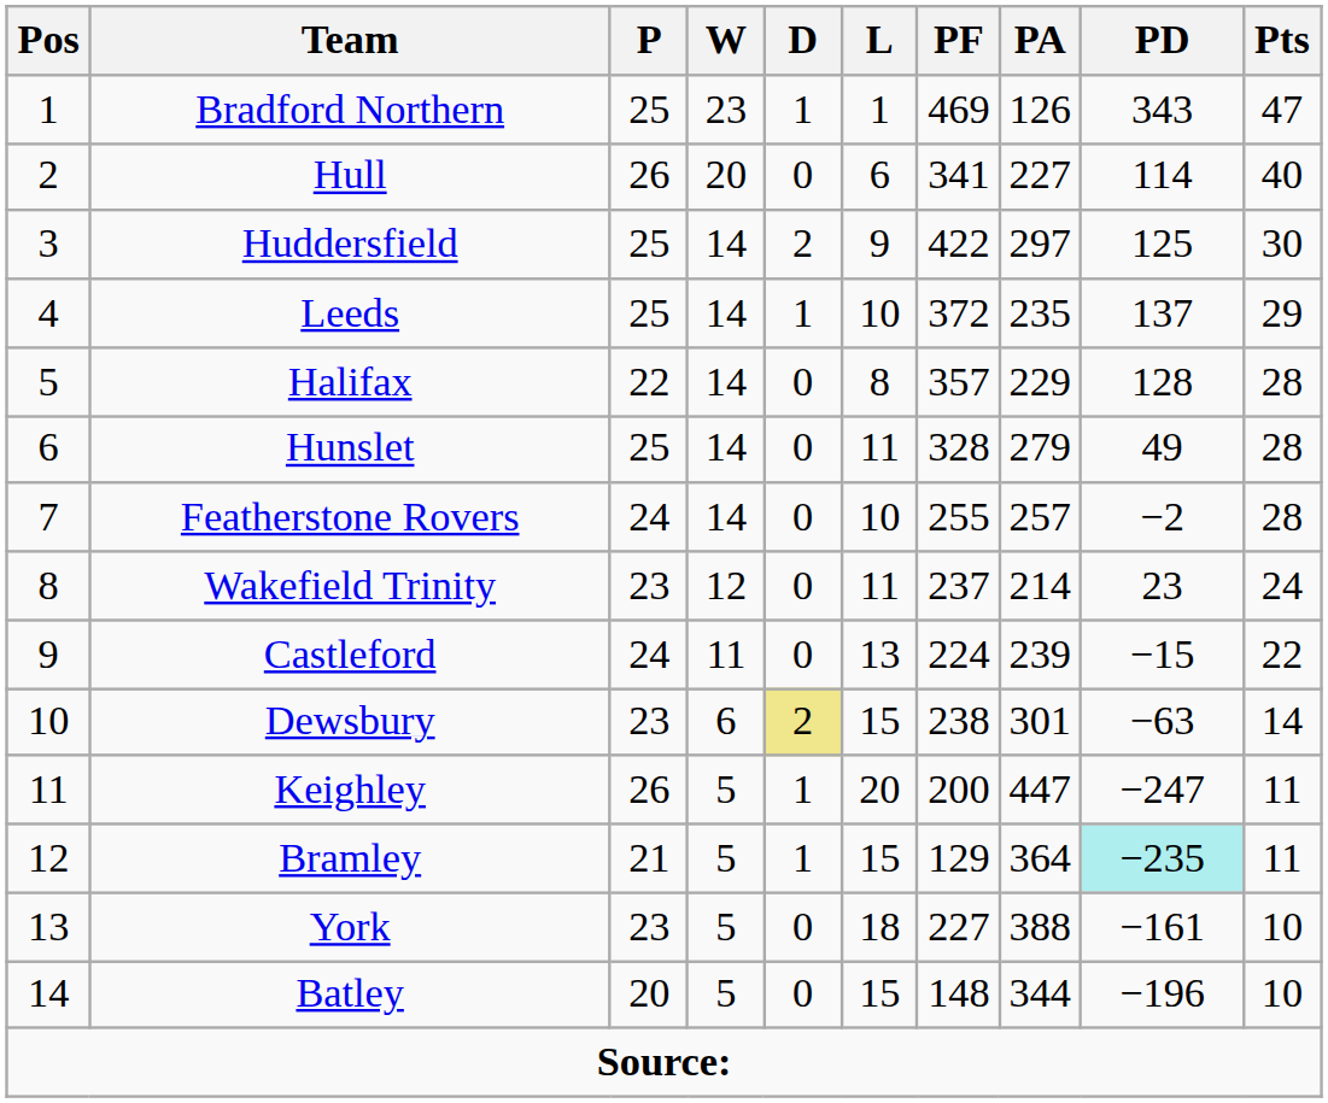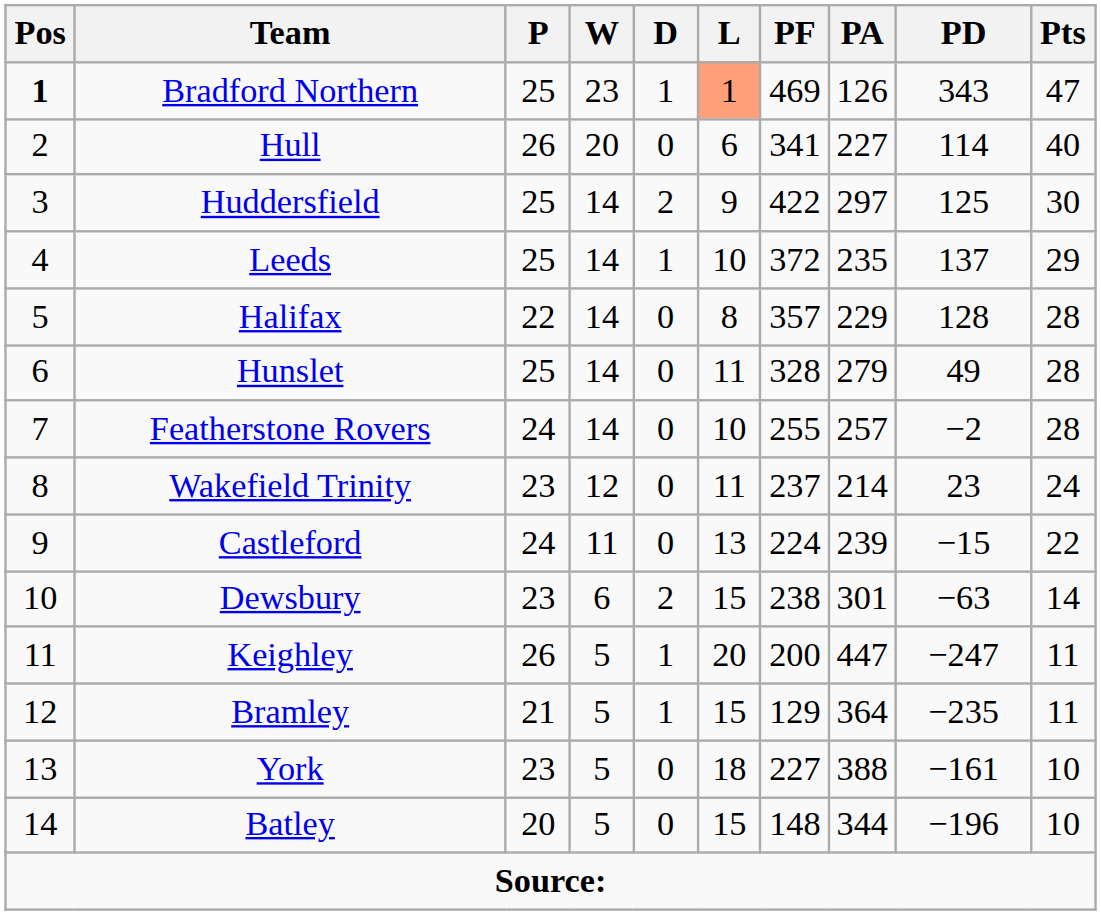 <table class="wikitable" style="font-size:90%; margin-left:1em; text-align:center">
 <tr>
 <th width=20>Pos</th>
 <th width=175>Team</th>
 <th width=20>P</th>
 <th width=20>W</th>
 <th width=20>D</th>
 <th width=20>L</th>
 <th width=20>PF</th>
 <th width=20>PA</th>
 <th width=50>PD</th>
 <th width=20>Pts</th>
 </tr>
 <tr>
-<td>1</td>
+<td><strong>1</strong></td>
 <td><a href='#'>Bradford Northern</a></td>
 <td>25</td>
 <td>23</td>
 <td>1</td>
-<td>1</td>
+<td style="background: lightsalmon;">1</td>
 <td>469</td>
 <td>126</td>
 <td>343</td>
 <td>47</td>
 </tr>
 <tr>
 <td>2</td>
 <td><a href='#'>Hull</a></td>
 <td>26</td>
 <td>20</td>
 <td>0</td>
 <td>6</td>
 <td>341</td>
 <td>227</td>
 <td>114</td>
 <td>40</td>
 </tr>
 <tr>
 <td>3</td>
 <td><a href='#'>Huddersfield</a></td>
 <td>25</td>
 <td>14</td>
 <td>2</td>
 <td>9</td>
 <td>422</td>
 <td>297</td>
 <td>125</td>
 <td>30</td>
 </tr>
 <tr>
 <td>4</td>
 <td><a href='#'>Leeds</a></td>
 <td>25</td>
 <td>14</td>
 <td>1</td>
 <td>10</td>
 <td>372</td>
 <td>235</td>
 <td>137</td>
 <td>29</td>
 </tr>
 <tr>
 <td>5</td>
 <td><a href='#'>Halifax</a></td>
 <td>22</td>
 <td>14</td>
 <td>0</td>
 <td>8</td>
 <td>357</td>
 <td>229</td>
 <td>128</td>
 <td>28</td>
 </tr>
 <tr>
 <td>6</td>
 <td><a href='#'>Hunslet</a></td>
 <td>25</td>
 <td>14</td>
 <td>0</td>
 <td>11</td>
 <td>328</td>
 <td>279</td>
 <td>49</td>
 <td>28</td>
 </tr>
 <tr>
 <td>7</td>
 <td><a href='#'>Featherstone Rovers</a></td>
 <td>24</td>
 <td>14</td>
 <td>0</td>
 <td>10</td>
 <td>255</td>
 <td>257</td>
 <td>−2</td>
 <td>28</td>
 </tr>
 <tr>
 <td>8</td>
 <td><a href='#'>Wakefield Trinity</a></td>
 <td>23</td>
 <td>12</td>
 <td>0</td>
 <td>11</td>
 <td>237</td>
 <td>214</td>
 <td>23</td>
 <td>24</td>
 </tr>
 <tr>
 <td>9</td>
 <td><a href='#'>Castleford</a></td>
 <td>24</td>
 <td>11</td>
 <td>0</td>
 <td>13</td>
 <td>224</td>
 <td>239</td>
 <td>−15</td>
 <td>22</td>
 </tr>
 <tr>
 <td>10</td>
 <td><a href='#'>Dewsbury</a></td>
 <td>23</td>
 <td>6</td>
-<td style="background: khaki;">2</td>
+<td>2</td>
 <td>15</td>
 <td>238</td>
 <td>301</td>
 <td>−63</td>
 <td>14</td>
 </tr>
 <tr>
 <td>11</td>
 <td><a href='#'>Keighley</a></td>
 <td>26</td>
 <td>5</td>
 <td>1</td>
 <td>20</td>
 <td>200</td>
 <td>447</td>
 <td>−247</td>
 <td>11</td>
 </tr>
 <tr>
 <td>12</td>
 <td><a href='#'>Bramley</a></td>
 <td>21</td>
 <td>5</td>
 <td>1</td>
 <td>15</td>
 <td>129</td>
 <td>364</td>
-<td style="background: paleturquoise;">−235</td>
+<td>−235</td>
 <td>11</td>
 </tr>
 <tr>
 <td>13</td>
 <td><a href='#'>York</a></td>
 <td>23</td>
 <td>5</td>
 <td>0</td>
 <td>18</td>
 <td>227</td>
 <td>388</td>
 <td>−161</td>
 <td>10</td>
 </tr>
 <tr>
 <td>14</td>
 <td><a href='#'>Batley</a></td>
 <td>20</td>
 <td>5</td>
 <td>0</td>
 <td>15</td>
 <td>148</td>
 <td>344</td>
 <td>−196</td>
 <td>10</td>
 </tr>
 <tr>
 <td colspan=10><strong>Source:</strong></td>
 </tr>
 </table>
